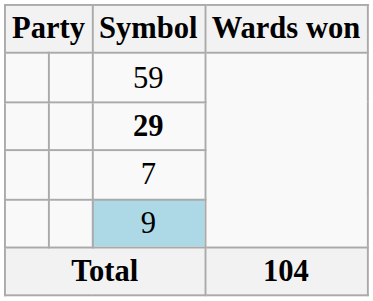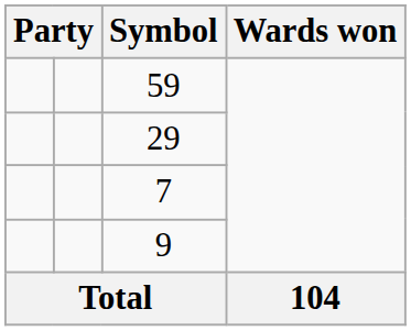 <table class="wikitable sortable" style="text-align:center">
 <tr>
 <th colspan=2>Party</th>
 <th>Symbol</th>
 <th>Wards won</th>
 </tr>
 <tr>
 <td></td>
 <td></td>
 <td>59</td>
 </tr>
 <tr>
 <td></td>
 <td></td>
-<td><strong>29</strong></td>
+<td>29</td>
 </tr>
 <tr>
 <td></td>
 <td></td>
 <td>7</td>
 </tr>
 <tr>
 <td></td>
 <td></td>
-<td style="background: lightblue;">9</td>
+<td>9</td>
 </tr>
 <tr>
 <th colspan="3">Total</th>
 <th>104</th>
 </tr>
 </table>
